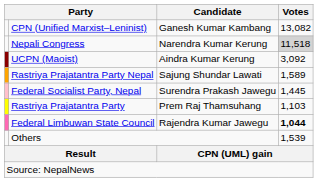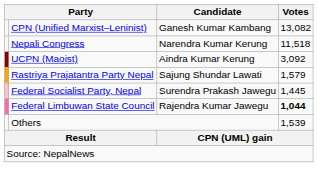 <table class="wikitable">
 <tr>
 <th colspan="2">Party</th>
 <th>Candidate</th>
 <th>Votes</th>
 </tr>
 <tr>
 <td style="background-color:"></td>
 <td><a href='#'>CPN (Unified Marxist–Leninist)</a></td>
 <td>Ganesh Kumar Kambang</td>
 <td>13,082</td>
 </tr>
 <tr>
 <td style="background-color:"></td>
 <td><a href='#'>Nepali Congress</a></td>
 <td>Narendra Kumar Kerung</td>
-<td style="background: lightgrey;">11,518</td>
+<td>11,518</td>
 </tr>
 <tr>
 <td style="background-color:darkred"></td>
 <td><a href='#'>UCPN (Maoist)</a></td>
 <td>Aindra Kumar Kerung</td>
 <td>3,092</td>
 </tr>
 <tr>
 <td style="background-color:orange"></td>
 <td><a href='#'>Rastriya Prajatantra Party Nepal</a></td>
 <td>Sajung Shundar Lawati</td>
-<td>1,589</td>
+<td>1,579</td>
 </tr>
 <tr>
 <td style="background-color:#ffc0cb"></td>
 <td><a href='#'>Federal Socialist Party, Nepal</a></td>
 <td>Surendra Prakash Jawegu</td>
 <td>1,445</td>
-</tr>
-<tr>
-<td style="background-color:yellow"></td>
-<td><a href='#'>Rastriya Prajatantra Party</a></td>
-<td>Prem Raj Thamsuhang</td>
-<td>1,103</td>
 </tr>
 <tr>
 <td style="background-color:hotpink"></td>
 <td><a href='#'>Federal Limbuwan State Council</a></td>
 <td>Rajendra Kumar Jawegu</td>
 <td><strong>1,044</strong></td>
 </tr>
 <tr>
 <td></td>
 <td colspan="2">Others</td>
 <td>1,539</td>
 </tr>
 <tr>
 <th colspan="2">Result</th>
 <th colspan="2">CPN (UML) gain</th>
 </tr>
 <tr>
 <td colspan="4">Source: NepalNews</td>
 </tr>
 </table>
